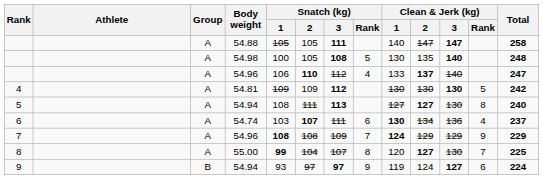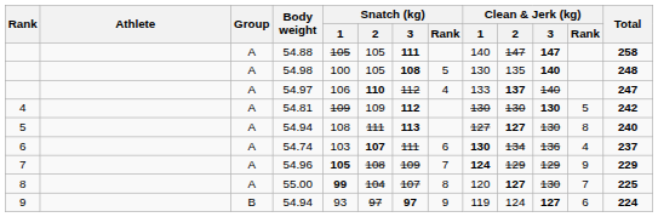 <table class = "wikitable" style="text-align:center;">
 <tr>
 <th rowspan=2 width=40>Rank</th>
 <th rowspan=2 width=250>Athlete</th>
 <th rowspan=2 width=50>Group</th>
 <th rowspan=2 width=60>Body weight</th>
 <th colspan=4>Snatch (kg)</th>
 <th colspan=4>Clean & Jerk (kg)</th>
 <th rowspan=2 width=60>Total</th>
 </tr>
 <tr>
 <th width=40>1</th>
 <th width=40>2</th>
 <th width=40>3</th>
 <th width=40>Rank</th>
 <th width=40>1</th>
 <th width=40>2</th>
 <th width=40>3</th>
 <th width=40>Rank</th>
 </tr>
 <tr>
 <td></td>
 <td align=left></td>
 <td>A</td>
 <td>54.88</td>
 <td><s>105</s></td>
 <td>105</td>
 <td><strong>111</strong></td>
 <td></td>
 <td>140</td>
 <td><s>147</s></td>
 <td><strong>147</strong></td>
 <td></td>
 <td><strong>258</strong></td>
 </tr>
 <tr>
 <td></td>
 <td align=left></td>
 <td>A</td>
 <td>54.98</td>
 <td>100</td>
 <td>105</td>
 <td><strong>108</strong></td>
 <td>5</td>
 <td>130</td>
 <td>135</td>
 <td><strong>140</strong></td>
 <td></td>
 <td><strong>248</strong></td>
 </tr>
 <tr>
 <td></td>
 <td align=left></td>
 <td>A</td>
-<td>54.96</td>
+<td>54.97</td>
 <td>106</td>
 <td><strong>110</strong></td>
 <td><s>112</s></td>
 <td>4</td>
 <td>133</td>
 <td><strong>137</strong></td>
 <td><s>140</s></td>
 <td></td>
 <td><strong>247</strong></td>
 </tr>
 <tr>
 <td>4</td>
 <td align=left></td>
 <td>A</td>
 <td>54.81</td>
 <td><s>109</s></td>
 <td>109</td>
 <td><strong>112</strong></td>
 <td></td>
 <td><s>130</s></td>
 <td><s>130</s></td>
 <td><strong>130</strong></td>
 <td>5</td>
 <td><strong>242</strong></td>
 </tr>
 <tr>
 <td>5</td>
 <td align=left></td>
 <td>A</td>
 <td>54.94</td>
 <td>108</td>
 <td><s>111</s></td>
 <td><strong>113</strong></td>
 <td></td>
 <td><s>127</s></td>
 <td><strong>127</strong></td>
 <td><s>130</s></td>
 <td>8</td>
 <td><strong>240</strong></td>
 </tr>
 <tr>
 <td>6</td>
 <td align=left></td>
 <td>A</td>
 <td>54.74</td>
 <td>103</td>
 <td><strong>107</strong></td>
 <td><s>111</s></td>
 <td>6</td>
 <td><strong>130</strong></td>
 <td><s>134</s></td>
 <td><s>136</s></td>
 <td>4</td>
 <td><strong>237</strong></td>
 </tr>
 <tr>
 <td>7</td>
 <td align=left></td>
 <td>A</td>
 <td>54.96</td>
-<td><strong>108</strong></td>
+<td><strong>105</strong></td>
 <td><s>108</s></td>
 <td><s>109</s></td>
 <td>7</td>
 <td><strong>124</strong></td>
 <td><s>129</s></td>
 <td><s>129</s></td>
 <td>9</td>
 <td><strong>229</strong></td>
 </tr>
 <tr>
 <td>8</td>
 <td align=left></td>
 <td>A</td>
 <td>55.00</td>
 <td><strong>99</strong></td>
 <td><s>104</s></td>
 <td><s>107</s></td>
 <td>8</td>
 <td>120</td>
 <td><strong>127</strong></td>
 <td><s>130</s></td>
 <td>7</td>
 <td><strong>225</strong></td>
 </tr>
 <tr>
 <td>9</td>
 <td align=left></td>
 <td>B</td>
 <td>54.94</td>
 <td>93</td>
 <td><s>97</s></td>
 <td><strong>97</strong></td>
 <td>9</td>
 <td>119</td>
 <td>124</td>
 <td><strong>127</strong></td>
 <td>6</td>
 <td><strong>224</strong></td>
 </tr>
 </table>
